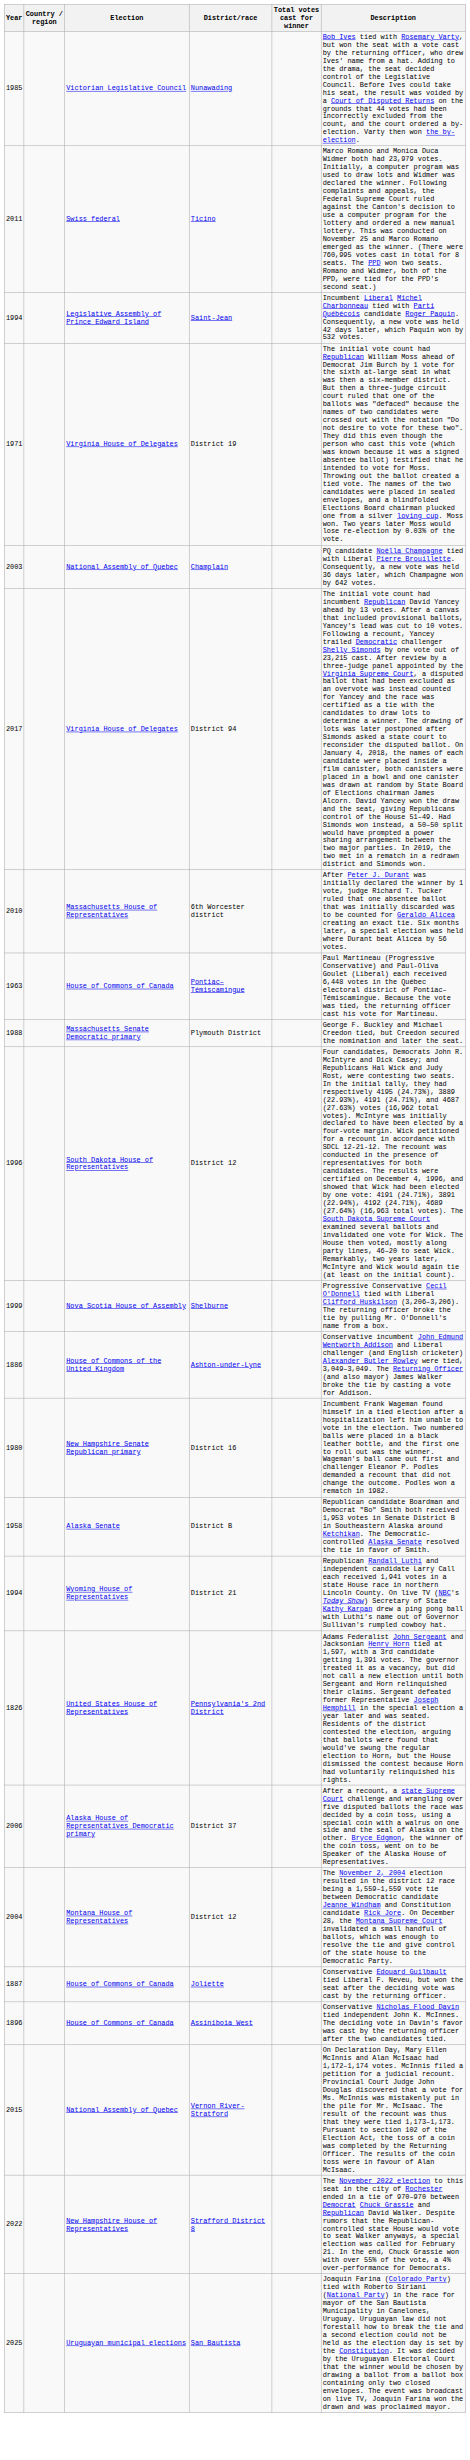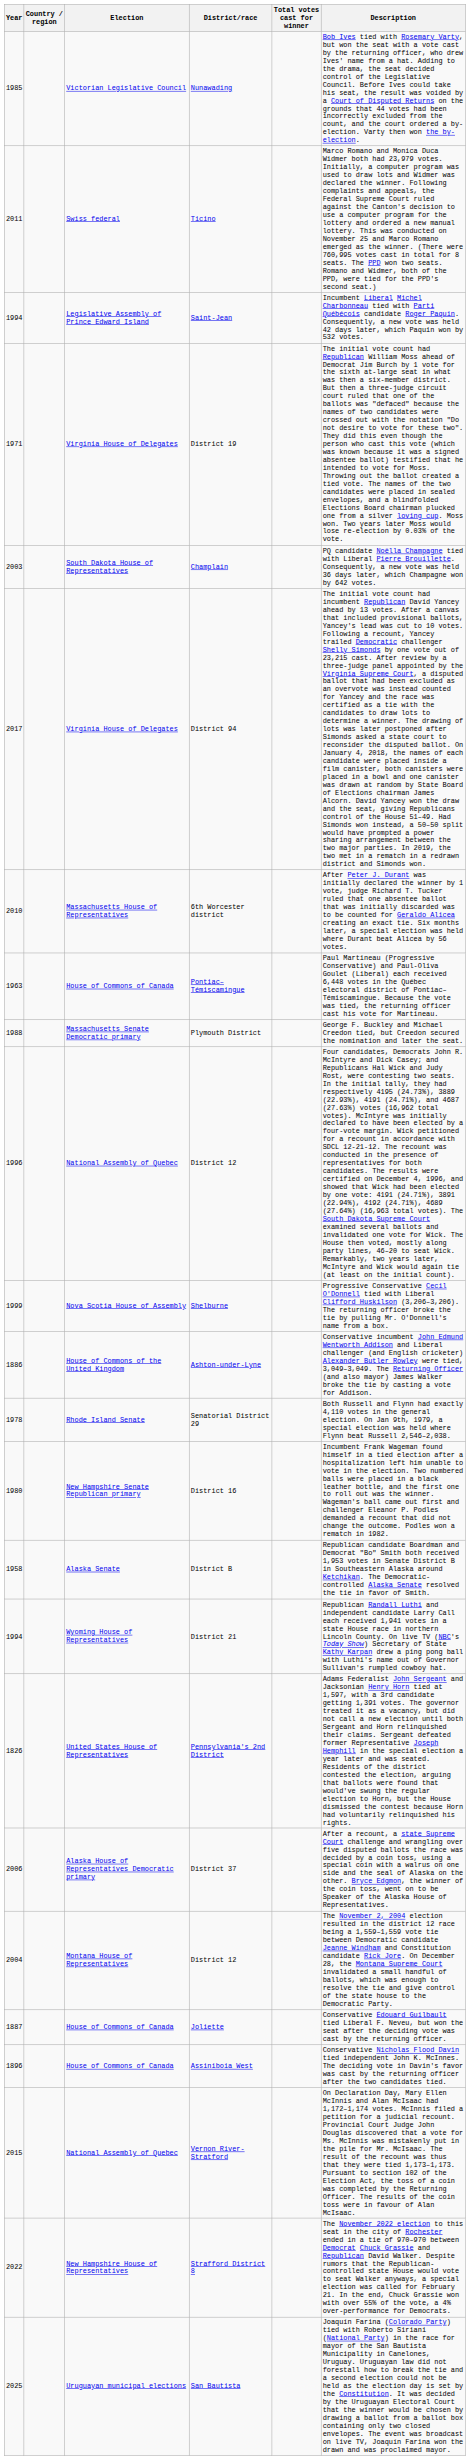 <table class="wikitable sortable col5right">
 <tr>
 <th>Year</th>
 <th>Country /<br>region</th>
 <th>Election</th>
 <th width=150>District/race</th>
 <th>Total votes<br>cast for winner</th>
 <th class=unsortable>Description</th>
 </tr>
 <tr>
 <td>1985</td>
 <td> </td>
 <td><a href='#'>Victorian Legislative Council</a></td>
 <td><a href='#'>Nunawading</a></td>
 <td></td>
 <td><a href='#'>Bob Ives</a> tied with <a href='#'>Rosemary Varty</a>, but won the seat with a vote cast by the returning officer, who drew Ives' name from a hat. Adding to the drama, the seat decided control of the Legislative Council. Before Ives could take his seat, the result was voided by a <a href='#'>Court of Disputed Returns</a> on the grounds that 44 votes had been incorrectly excluded from the count, and the court ordered a by-election. Varty then won <a href='#'>the by-election</a>.</td>
 </tr>
 <tr>
 <td>2011</td>
 <td></td>
 <td><a href='#'>Swiss federal</a></td>
 <td><a href='#'>Ticino</a></td>
 <td></td>
 <td>Marco Romano and Monica Duca Widmer both had 23,979 votes. Initially, a computer program was used to draw lots and Widmer was declared the winner. Following complaints and appeals, the Federal Supreme Court ruled against the Canton's decision to use a computer program for the lottery and ordered a new manual lottery. This was conducted on November 25 and Marco Romano emerged as the winner. (There were 760,995 votes cast in total for 8 seats. The <a href='#'>PPD</a> won two seats. Romano and Widmer, both of the PPD, were tied for the PPD's second seat.)</td>
 </tr>
 <tr>
 <td>1994</td>
 <td> </td>
 <td><a href='#'>Legislative Assembly of Prince Edward Island</a></td>
 <td><a href='#'>Saint-Jean</a></td>
 <td></td>
 <td>Incumbent <a href='#'>Liberal</a> <a href='#'>Michel Charbonneau</a> tied with <a href='#'>Parti Québécois</a> candidate <a href='#'>Roger Paquin</a>. Consequently, a new vote was held 42 days later, which Paquin won by 532 votes.</td>
 </tr>
 <tr>
 <td>1971</td>
 <td> </td>
 <td><a href='#'>Virginia House of Delegates</a></td>
 <td>District 19</td>
 <td></td>
 <td>The initial vote count had <a href='#'>Republican</a> William Moss ahead of Democrat Jim Burch by 1 vote for the sixth at-large seat in what was then a six-member district. But then a three-judge circuit court ruled that one of the ballots was "defaced" because the names of two candidates were crossed out with the notation "Do not desire to vote for these two". They did this even though the person who cast this vote (which was known because it was a signed absentee ballot) testified that he intended to vote for Moss. Throwing out the ballot created a tied vote. The names of the two candidates were placed in sealed envelopes, and a blindfolded Elections Board chairman plucked one from a silver <a href='#'>loving cup</a>. Moss won. Two years later Moss would lose re-election by 0.03% of the vote.</td>
 </tr>
 <tr>
 <td>2003</td>
 <td> </td>
-<td><a href='#'>National Assembly of Quebec</a></td>
+<td><a href='#'>South Dakota House of Representatives</a></td>
 <td><a href='#'>Champlain</a></td>
 <td></td>
 <td>PQ candidate <a href='#'>Noëlla Champagne</a> tied with Liberal <a href='#'>Pierre Brouillette</a>. Consequently, a new vote was held 36 days later, which Champagne won by 642 votes.</td>
 </tr>
 <tr>
 <td>2017</td>
 <td> </td>
 <td><a href='#'>Virginia House of Delegates</a></td>
 <td>District 94</td>
 <td></td>
 <td>The initial vote count had incumbent <a href='#'>Republican</a> David Yancey ahead by 13 votes. After a canvas that included provisional ballots, Yancey's lead was cut to 10 votes. Following a recount, Yancey trailed <a href='#'>Democratic</a> challenger <a href='#'>Shelly Simonds</a> by one vote out of 23,215 cast. After review by a three-judge panel appointed by the <a href='#'>Virginia Supreme Court</a>, a disputed ballot that had been excluded as an overvote was instead counted for Yancey and the race was certified as a tie with the candidates to draw lots to determine a winner. The drawing of lots was later postponed after Simonds asked a state court to reconsider the disputed ballot. On January 4, 2018, the names of each candidate were placed inside a film canister, both canisters were placed in a bowl and one canister was drawn at random by State Board of Elections chairman James Alcorn. David Yancey won the draw and the seat, giving Republicans control of the House 51–49. Had Simonds won instead, a 50–50 split would have prompted a power sharing arrangement between the two major parties. In 2019, the two met in a rematch in a redrawn district and Simonds won.</td>
 </tr>
 <tr>
 <td>2010</td>
 <td> </td>
 <td><a href='#'>Massachusetts House of Representatives</a></td>
 <td>6th Worcester district</td>
 <td></td>
 <td>After <a href='#'>Peter J. Durant</a> was initially declared the winner by 1 vote, judge Richard T. Tucker ruled that one absentee ballot that was initially discarded was to be counted for <a href='#'>Geraldo Alicea</a> creating an exact tie. Six months later, a special election was held where Durant beat Alicea by 56 votes.</td>
 </tr>
 <tr>
 <td>1963</td>
 <td> </td>
 <td style="white-space: nowrap"><a href='#'>House of Commons of Canada</a></td>
 <td><a href='#'>Pontiac–Témiscamingue</a></td>
 <td></td>
 <td>Paul Martineau (Progressive Conservative) and Paul-Oliva Goulet (Liberal) each received 6,448 votes in the Québec electoral district of Pontiac–Témiscamingue. Because the vote was tied, the returning officer cast his vote for Martineau.</td>
 </tr>
 <tr>
 <td>1988</td>
 <td> </td>
 <td><a href='#'>Massachusetts Senate Democratic primary</a></td>
 <td>Plymouth District</td>
 <td></td>
 <td>George F. Buckley and Michael Creedon tied, but Creedon secured the nomination and later the seat.</td>
 </tr>
 <tr>
 <td>1996</td>
 <td> </td>
-<td><a href='#'>South Dakota House of Representatives</a></td>
+<td><a href='#'>National Assembly of Quebec</a></td>
 <td>District 12</td>
 <td></td>
 <td>Four candidates, Democrats John R. McIntyre and Dick Casey; and Republicans Hal Wick and Judy Rost, were contesting two seats. In the initial tally, they had respectively 4195 (24.73%), 3889 (22.93%), 4191 (24.71%), and 4687 (27.63%) votes (16,962 total votes). McIntyre was initially declared to have been elected by a four-vote margin. Wick petitioned for a recount in accordance with SDCL 12-21-12. The recount was conducted in the presence of representatives for both candidates. The results were certified on December 4, 1996, and showed that Wick had been elected by one vote: 4191 (24.71%), 3891 (22.94%), 4192 (24.71%), 4689 (27.64%) (16,963 total votes). The <a href='#'>South Dakota Supreme Court</a> examined several ballots and invalidated one vote for Wick. The House then voted, mostly along party lines, 46–20 to seat Wick. Remarkably, two years later, McIntyre and Wick would again tie (at least on the initial count).</td>
 </tr>
 <tr>
 <td>1999</td>
 <td> </td>
 <td style="white-space: nowrap"><a href='#'>Nova Scotia House of Assembly</a></td>
 <td><a href='#'>Shelburne</a></td>
 <td></td>
 <td>Progressive Conservative <a href='#'>Cecil O'Donnell</a> tied with Liberal <a href='#'>Clifford Huskilson</a> (3,206–3,206). The returning officer broke the tie by pulling Mr. O'Donnell's name from a box.</td>
 </tr>
 <tr>
 <td>1886</td>
 <td></td>
 <td><a href='#'>House of Commons of the United Kingdom</a></td>
 <td><a href='#'>Ashton-under-Lyne</a></td>
 <td></td>
 <td>Conservative incumbent <a href='#'>John Edmund Wentworth Addison</a> and Liberal challenger (and English cricketer) <a href='#'>Alexander Butler Rowley</a> were tied, 3,049–3,049. The <a href='#'>Returning Officer</a> (and also mayor) James Walker broke the tie by casting a vote for Addison.</td>
+</tr>
+<tr>
+<td>1978</td>
+<td> </td>
+<td><a href='#'>Rhode Island Senate</a></td>
+<td>Senatorial District 29</td>
+<td></td>
+<td>Both Russell and Flynn had exactly 4,110 votes in the general election. On Jan 9th, 1979, a special election was held where Flynn beat Russell 2,546–2,038.</td>
 </tr>
 <tr>
 <td>1980</td>
 <td> </td>
 <td><a href='#'>New Hampshire Senate Republican primary</a></td>
 <td>District 16</td>
 <td></td>
 <td>Incumbent Frank Wageman found himself in a tied election after a hospitalization left him unable to vote in the election. Two numbered balls were placed in a black leather bottle, and the first one to roll out was the winner. Wageman's ball came out first and challenger Eleanor P. Podles demanded a recount that did not change the outcome. Podles won a rematch in 1982.</td>
 </tr>
 <tr>
 <td>1958</td>
 <td> </td>
 <td><a href='#'>Alaska Senate</a></td>
 <td>District B</td>
 <td></td>
 <td>Republican candidate Boardman and Democrat "Bo" Smith both received 1,953 votes in Senate District B in Southeastern Alaska around <a href='#'>Ketchikan</a>. The Democratic-controlled <a href='#'>Alaska Senate</a> resolved the tie in favor of Smith.</td>
 </tr>
 <tr>
 <td>1994</td>
 <td> </td>
 <td><a href='#'>Wyoming House of Representatives</a></td>
 <td>District 21</td>
 <td></td>
 <td>Republican <a href='#'>Randall Luthi</a> and independent candidate Larry Call each received 1,941 votes in a state House race in northern Lincoln County. On live TV (<a href='#'>NBC</a>'s <em><a href='#'>Today Show</a></em>) Secretary of State <a href='#'>Kathy Karpan</a> drew a ping pong ball with Luthi's name out of Governor Sullivan's rumpled cowboy hat.</td>
 </tr>
 <tr>
 <td>1826</td>
 <td> </td>
 <td><a href='#'>United States House of Representatives</a></td>
 <td><a href='#'>Pennsylvania's 2nd District</a></td>
 <td></td>
 <td>Adams Federalist <a href='#'>John Sergeant</a> and Jacksonian <a href='#'>Henry Horn</a> tied at 1,597, with a 3rd candidate getting 1,391 votes. The governor treated it as a vacancy, but did not call a new election until both Sergeant and Horn relinquished their claims. Sergeant defeated former Representative <a href='#'>Joseph Hemphill</a> in the special election a year later and was seated. Residents of the district contested the election, arguing that ballots were found that would've swung the regular election to Horn, but the House dismissed the contest because Horn had voluntarily relinquished his rights.</td>
 </tr>
 <tr>
 <td>2006</td>
 <td> </td>
 <td><a href='#'>Alaska House of Representatives Democratic primary</a></td>
 <td>District 37</td>
 <td></td>
 <td>After a recount, a <a href='#'>state Supreme Court</a> challenge and wrangling over five disputed ballots the race was decided by a coin toss, using a special coin with a walrus on one side and the seal of Alaska on the other. <a href='#'>Bryce Edgmon</a>, the winner of the coin toss, went on to be Speaker of the Alaska House of Representatives.</td>
 </tr>
 <tr>
 <td>2004</td>
 <td> </td>
 <td><a href='#'>Montana House of Representatives</a></td>
 <td>District 12</td>
 <td></td>
 <td>The <a href='#'>November 2, 2004</a> election resulted in the district 12 race being a 1,559–1,559 vote tie between Democratic candidate <a href='#'>Jeanne Windham</a> and Constitution candidate <a href='#'>Rick Jore</a>. On December 28, the <a href='#'>Montana Supreme Court</a> invalidated a small handful of ballots, which was enough to resolve the tie and give control of the state house to the Democratic Party.</td>
 </tr>
 <tr>
 <td>1887</td>
 <td></td>
 <td><a href='#'>House of Commons of Canada</a></td>
 <td><a href='#'>Joliette</a></td>
 <td></td>
 <td>Conservative <a href='#'>Édouard Guilbault</a> tied Liberal F. Neveu, but won the seat after the deciding vote was cast by the returning officer.</td>
 </tr>
 <tr>
 <td>1896</td>
 <td></td>
 <td><a href='#'>House of Commons of Canada</a></td>
 <td><a href='#'>Assiniboia West</a></td>
 <td></td>
 <td>Conservative <a href='#'>Nicholas Flood Davin</a> tied independent John K. McInnes. The deciding vote in Davin's favor was cast by the returning officer after the two candidates tied.</td>
 </tr>
 <tr>
 <td>2015</td>
 <td></td>
 <td><a href='#'>National Assembly of Quebec</a></td>
 <td><a href='#'>Vernon River-Stratford</a></td>
 <td></td>
 <td>On Declaration Day, Mary Ellen McInnis and Alan McIsaac had 1,172–1,174 votes. McInnis filed a petition for a judicial recount. Provincial Court Judge John Douglas discovered that a vote for Ms. McInnis was mistakenly put in the pile for Mr. McIsaac. The result of the recount was thus that they were tied 1,173–1,173. Pursuant to section 102 of the Election Act, the toss of a coin was completed by the Returning Officer. The results of the coin toss were in favour of Alan McIsaac.</td>
 </tr>
 <tr>
 <td>2022</td>
 <td></td>
 <td><a href='#'>New Hampshire House of Representatives</a></td>
 <td><a href='#'>Strafford District 8</a></td>
 <td></td>
 <td>The <a href='#'>November 2022 election</a> to this seat in the city of <a href='#'>Rochester</a> ended in a tie of 970–970 between <a href='#'>Democrat</a> <a href='#'>Chuck Grassie</a> and <a href='#'>Republican</a> David Walker. Despite rumors that the Republican-controlled state House would vote to seat Walker anyways, a special election was called for February 21. In the end, Chuck Grassie won with over 55% of the vote, a 4% over-performance for Democrats.</td>
 </tr>
 <tr>
 <td>2025</td>
 <td> </td>
 <td><a href='#'>Uruguayan municipal elections</a></td>
 <td><a href='#'>San Bautista</a></td>
 <td></td>
 <td>Joaquín Farina (<a href='#'>Colorado Party</a>) tied with Roberto Siriani (<a href='#'>National Party</a>) in the race for mayor of the San Bautista Municipality in Canelones, Uruguay. Uruguayan law did not forestall how to break the tie and a second election could not be held as the election day is set by the <a href='#'>Constitution</a>. It was decided by the Uruguayan Electoral Court that the winner would be chosen by drawing a ballot from a ballot box containing only two closed envelopes. The event was broadcast on live TV, Joaquín Farina won the drawn and was proclaimed mayor.</td>
 </tr>
 </table>
